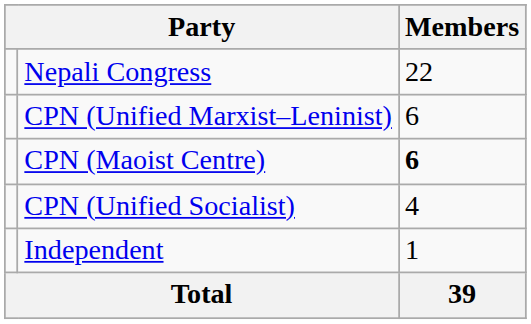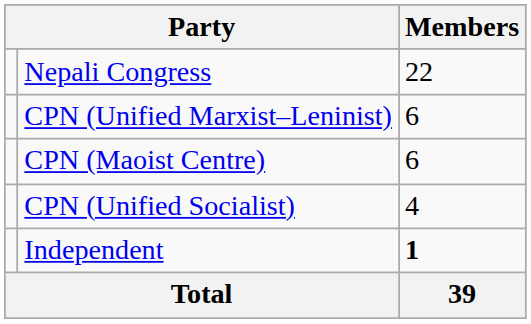 <table class="wikitable">
 <tr>
 <th colspan="2">Party</th>
 <th>Members</th>
 </tr>
 <tr>
 <td style="background-color:"></td>
 <td><a href='#'>Nepali Congress</a></td>
 <td>22</td>
 </tr>
 <tr>
 <td style="background-color:"></td>
 <td><a href='#'>CPN (Unified Marxist–Leninist)</a></td>
 <td>6</td>
 </tr>
 <tr>
 <td style="background-color:"></td>
 <td><a href='#'>CPN (Maoist Centre)</a></td>
-<td><strong>6</strong></td>
+<td>6</td>
 </tr>
 <tr>
 <td style="background-color:"></td>
 <td><a href='#'>CPN (Unified Socialist)</a></td>
 <td>4</td>
 </tr>
 <tr>
 <td style="background-color:"></td>
 <td><a href='#'>Independent</a></td>
-<td>1</td>
+<td><strong>1</strong></td>
 </tr>
 <tr>
 <th colspan="2">Total</th>
 <th>39</th>
 </tr>
 </table>
